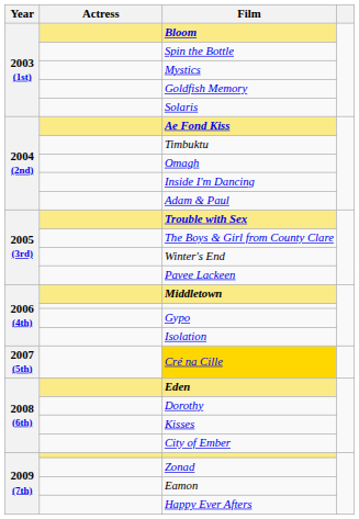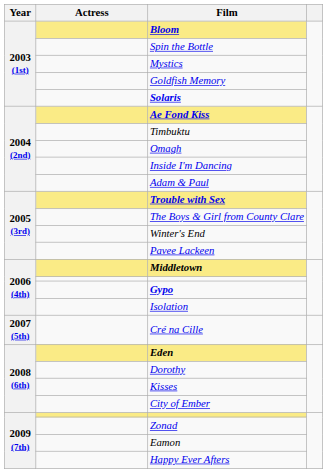 <table class="wikitable sortable">
 <tr>
 <th scope="col" style="width:10%;">Year</th>
 <th scope="col" style="width:35%;">Actress</th>
 <th scope="col" style="width:50%;">Film</th>
 <th scope="col" style="width:5%;" class="unsortable"></th>
 </tr>
 <tr>
 <th scope="row" rowspan=5 style="text-align:center">2003<br><small><a href='#'>(1st)</a></small></th>
 <td style="background:#FAEB86;"><strong> </strong></td>
 <td style="background:#FAEB86;"><strong><em><a href='#'>Bloom</a></em></strong></td>
 <td rowspan=5 style="text-align:center;"></td>
 </tr>
 <tr>
 <td></td>
 <td><em><a href='#'>Spin the Bottle</a></em></td>
 </tr>
 <tr>
 <td></td>
 <td><em><a href='#'>Mystics</a></em></td>
 </tr>
 <tr>
 <td></td>
 <td><em><a href='#'>Goldfish Memory</a></em></td>
 </tr>
 <tr>
 <td></td>
-<td><em><a href='#'>Solaris</a></em></td>
+<td><strong><em><a href='#'>Solaris</a></em></strong></td>
 </tr>
 <tr>
 <th scope="row" rowspan=5 style="text-align:center">2004<br><small><a href='#'>(2nd)</a></small></th>
 <td style="background:#FAEB86;"><strong> </strong></td>
 <td style="background:#FAEB86;"><strong><em><a href='#'>Ae Fond Kiss</a></em></strong></td>
 <td rowspan=5 style="text-align:center;"></td>
 </tr>
 <tr>
 <td></td>
 <td><em>Timbuktu</em></td>
 </tr>
 <tr>
 <td></td>
 <td><em><a href='#'>Omagh</a></em></td>
 </tr>
 <tr>
 <td></td>
 <td><em><a href='#'>Inside I'm Dancing</a></em></td>
 </tr>
 <tr>
 <td></td>
 <td><em><a href='#'>Adam & Paul</a></em></td>
 </tr>
 <tr>
 <th scope="row" rowspan=4 style="text-align:center">2005<br><small><a href='#'>(3rd)</a></small></th>
 <td style="background:#FAEB86;"><strong> </strong></td>
 <td style="background:#FAEB86;"><strong><em><a href='#'>Trouble with Sex</a></em></strong></td>
 <td rowspan=4 style="text-align:center;"></td>
 </tr>
 <tr>
 <td></td>
 <td><em><a href='#'>The Boys & Girl from County Clare</a></em></td>
 </tr>
 <tr>
 <td></td>
 <td><em>Winter's End</em></td>
 </tr>
 <tr>
 <td></td>
 <td><em><a href='#'>Pavee Lackeen</a></em></td>
 </tr>
 <tr>
 <th scope="row" rowspan=4 style="text-align:center">2006<br><small><a href='#'>(4th)</a></small></th>
 <td style="background:#FAEB86;"><strong> </strong></td>
 <td style="background:#FAEB86;"><strong><em>Middletown</em></strong></td>
 <td rowspan=4 style="text-align:center;"></td>
 </tr>
 <tr>
 <td></td>
 <td></td>
 </tr>
 <tr>
 <td></td>
-<td><em><a href='#'>Gypo</a></em></td>
+<td><strong><em><a href='#'>Gypo</a></em></strong></td>
 </tr>
 <tr>
 <td></td>
 <td><em><a href='#'>Isolation</a></em></td>
 </tr>
 <tr>
 <th scope="row" style="text-align:center">2007<br><small><a href='#'>(5th)</a></small></th>
 <td></td>
-<td style="background: gold;"><em><a href='#'>Cré na Cille</a></em></td>
+<td><em><a href='#'>Cré na Cille</a></em></td>
 <td style="text-align:center;"></td>
 </tr>
 <tr>
 <th scope="row" rowspan=4 style="text-align:center">2008<br><small><a href='#'>(6th)</a></small></th>
 <td style="background:#FAEB86;"><strong> </strong></td>
 <td style="background:#FAEB86;"><strong><em>Eden</em></strong></td>
 <td rowspan=4 style="text-align:center;"></td>
 </tr>
 <tr>
 <td></td>
 <td><em><a href='#'>Dorothy</a></em></td>
 </tr>
 <tr>
 <td></td>
 <td><em><a href='#'>Kisses</a></em></td>
 </tr>
 <tr>
 <td></td>
 <td><em><a href='#'>City of Ember</a></em></td>
 </tr>
 <tr>
 <th scope="row" rowspan=4 style="text-align:center">2009<br><small><a href='#'>(7th)</a></small></th>
 <td style="background:#FAEB86;"><strong> </strong></td>
 <td style="background:#FAEB86;"><strong></strong></td>
 <td rowspan=4 style="text-align:center;"></td>
 </tr>
 <tr>
 <td></td>
 <td><em><a href='#'>Zonad</a></em></td>
 </tr>
 <tr>
 <td></td>
 <td><em>Eamon</em></td>
 </tr>
 <tr>
 <td></td>
 <td><em><a href='#'>Happy Ever Afters</a></em></td>
 </tr>
 </table>
